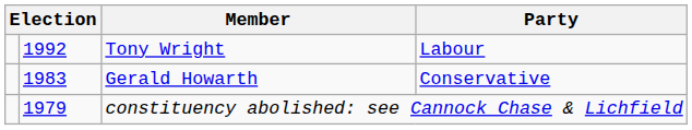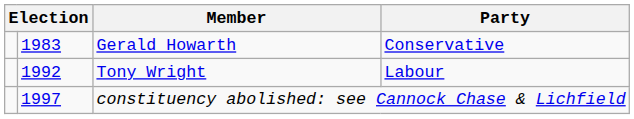 <table class="wikitable">
 <tr>
 <th colspan="2">Election</th>
 <th>Member</th>
 <th>Party</th>
 </tr>
 <tr>
 <td style="color:inherit;background-color: "></td>
+<td><a href='#'>1983</a></td>
+<td><a href='#'>Gerald Howarth</a></td>
+<td><a href='#'>Conservative</a></td>
+</tr>
+<tr>
+<td style="color:inherit;background-color: "></td>
 <td><a href='#'>1992</a></td>
 <td><a href='#'>Tony Wright</a></td>
 <td><a href='#'>Labour</a></td>
 </tr>
 <tr>
-<td style="color:inherit;background-color: "></td>
-<td><a href='#'>1983</a></td>
-<td><a href='#'>Gerald Howarth</a></td>
-<td><a href='#'>Conservative</a></td>
-</tr>
-<tr>
 <td></td>
-<td><a href='#'>1979</a></td>
+<td><a href='#'>1997</a></td>
 <td colspan="2"><em>constituency abolished: see <a href='#'>Cannock Chase</a> & <a href='#'>Lichfield</a> </em></td>
 </tr>
 </table>
